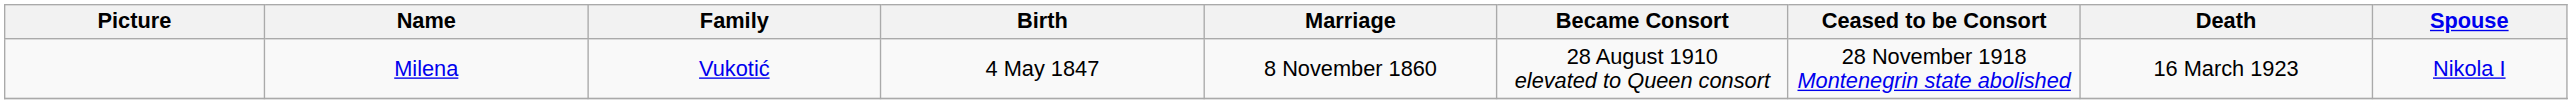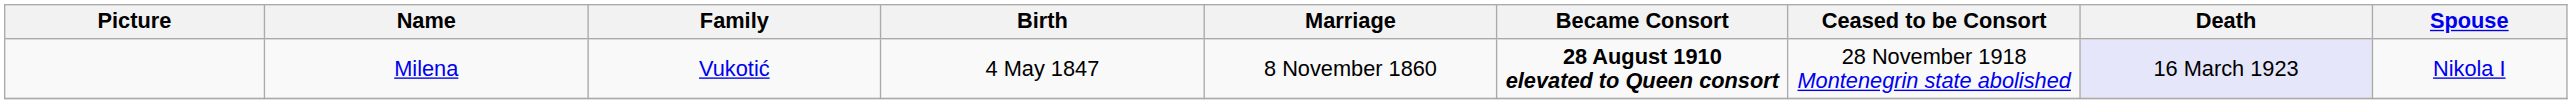 <table width=95% class="wikitable">
 <tr>
 <th width = "8%">Picture</th>
 <th width = "10%">Name</th>
 <th width = "9%">Family</th>
 <th width = "10%">Birth</th>
 <th width = "9%">Marriage</th>
 <th width = "9%">Became Consort</th>
 <th width = "9%">Ceased to be Consort</th>
 <th width = "9%">Death</th>
 <th width = "6%"><a href='#'>Spouse</a></th>
 </tr>
 <tr>
 <td align="center"></td>
 <td align="center"><a href='#'>Milena</a></td>
 <td align="center"><a href='#'>Vukotić</a></td>
 <td align="center">4 May 1847</td>
 <td align="center">8 November 1860</td>
-<td align="center">28 August 1910<br><em>elevated to Queen consort</em></td>
+<td align="center"><strong>28 August 1910<br><em>elevated to Queen consort</em></strong></td>
 <td align="center">28 November 1918<br><a href='#'><em>Montenegrin state abolished</em></a></td>
-<td align="center">16 March 1923</td>
+<td align="center" style="background: lavender;">16 March 1923</td>
 <td align="center"><a href='#'>Nikola I</a></td>
 </tr>
 <tr>
 </tr>
 </table>
